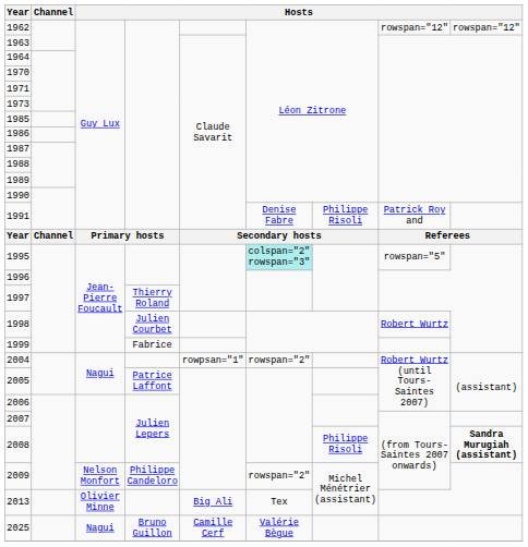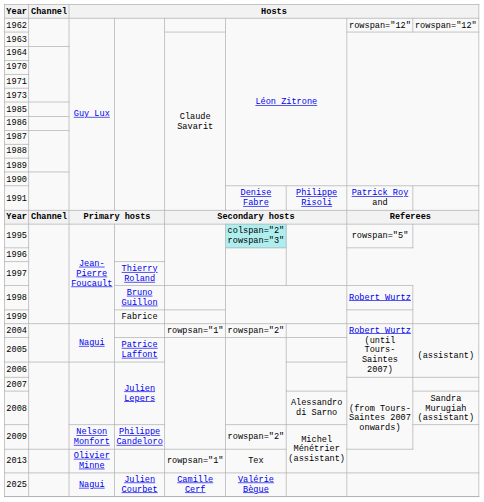 <table class="wikitable" style="text-align:center">
 <tr>
 <th scope=col>Year</th>
 <th scope=col>Channel</th>
 <th colspan="7" scope="col">Hosts</th>
 </tr>
 <tr  >
 <td>1962</td>
 <td rowspan="2"></td>
 <td rowspan="13"><a href='#'>Guy Lux</a></td>
 <td rowspan="13"></td>
 <td></td>
 <td colspan="2" rowspan="12"><a href='#'>Léon Zitrone</a></td>
 <td>rowspan="12" </td>
 <td>rowspan="12" </td>
 </tr>
 <tr>
 <td>1963</td>
 <td rowspan="12">Claude Savarit</td>
 </tr>
 <tr  >
 <td>1964</td>
 <td rowspan="4"></td>
 </tr>
 <tr  >
 <td>1970</td>
 </tr>
 <tr  >
 <td>1971</td>
 </tr>
 <tr  >
 <td>1973</td>
 </tr>
 <tr  >
 <td>1985</td>
 <td></td>
 </tr>
 <tr  >
 <td>1986</td>
 <td></td>
 </tr>
 <tr  >
 <td>1987</td>
 <td rowspan="3"></td>
 </tr>
 <tr  >
 <td>1988</td>
 </tr>
 <tr>
 <td>1989</td>
 </tr>
 <tr>
 <td>1990</td>
 <td rowspan="2"></td>
 </tr>
 <tr>
 <td>1991</td>
 <td><a href='#'>Denise Fabre</a></td>
 <td><a href='#'>Philippe Risoli</a></td>
 <td><a href='#'>Patrick Roy</a> and </td>
 <td></td>
 </tr>
 <tr>
 <th>Year</th>
 <th>Channel</th>
 <th colspan="2">Primary hosts</th>
 <th colspan="3">Secondary hosts</th>
 <th colspan="2">Referees </th>
 </tr>
 <tr>
 <td>1995</td>
 <td rowspan="5"></td>
 <td rowspan="5"><a href='#'>Jean-Pierre Foucault</a></td>
 <td rowspan="2"></td>
 <td rowspan="3"></td>
 <td style="background: paleturquoise;">colspan="2" rowspan="3" </td>
 <td rowspan="3"></td>
 <td>rowspan="5" </td>
 </tr>
 <tr>
 <td>1996</td>
 </tr>
 <tr>
 <td>1997</td>
 <td><a href='#'>Thierry Roland</a></td>
 </tr>
 <tr>
 <td>1998</td>
-<td><a href='#'>Julien Courbet</a></td>
+<td><a href='#'>Bruno Guillon</a></td>
 <td></td>
 <td colspan="2" rowspan="2"></td>
 <td><a href='#'>Robert Wurtz</a></td>
 </tr>
 <tr>
 <td>1999</td>
 <td>Fabrice</td>
 <td></td>
 <td></td>
 </tr>
 <tr>
 <td>2004</td>
 <td rowspan="2"></td>
 <td rowspan="2"><a href='#'>Nagui</a></td>
 <td rowpsan="2"></td>
 <td>rowpsan="1" </td>
 <td>rowspan="2" </td>
 <td></td>
 <td rowspan="3"><a href='#'>Robert Wurtz</a><br>(until Tours-Saintes 2007)</td>
 <td rowspan="3"><br>(assistant)</td>
 </tr>
 <tr>
 <td>2005</td>
 <td><a href='#'>Patrice Laffont</a></td>
 <td rowspan="5"></td>
 <td rowspan="4"></td>
 </tr>
 <tr>
 <td>2006</td>
 <td rowspan="4"></td>
 <td rowspan="3"></td>
 <td rowspan="3"><a href='#'>Julien Lepers</a></td>
 <td rowspan="2"></td>
 </tr>
 <tr>
 <td>2007</td>
 <td rowspan="3"><br>(from Tours-Saintes 2007 onwards)</td>
 <td></td>
 </tr>
 <tr>
 <td>2008</td>
-<td><a href='#'>Philippe Risoli</a></td>
-<td><strong>Sandra Murugiah<br>(assistant)</strong></td>
+<td>Alessandro di Sarno</td>
+<td>Sandra Murugiah<br>(assistant)</td>
 </tr>
 <tr>
 <td>2009</td>
 <td><a href='#'>Nelson Monfort</a></td>
 <td><a href='#'>Philippe Candeloro</a></td>
 <td>rowspan="2" </td>
 <td rowspan="2">Michel Ménétrier<br>(assistant)</td>
 </tr>
 <tr>
 <td>2013</td>
 <td></td>
 <td><a href='#'>Olivier Minne</a></td>
 <td></td>
-<td><a href='#'>Big Ali</a></td>
+<td>rowpsan="1" </td>
 <td>Tex</td>
 </tr>
 <tr>
 <td>2025</td>
 <td></td>
 <td><a href='#'>Nagui</a></td>
-<td><a href='#'>Bruno Guillon</a></td>
+<td><a href='#'>Julien Courbet</a></td>
 <td><a href='#'>Camille Cerf</a></td>
 <td><a href='#'>Valérie Bègue</a></td>
 <td></td>
 <td colspan="2"></td>
 </tr>
 <tr>
 </tr>
 </table>
